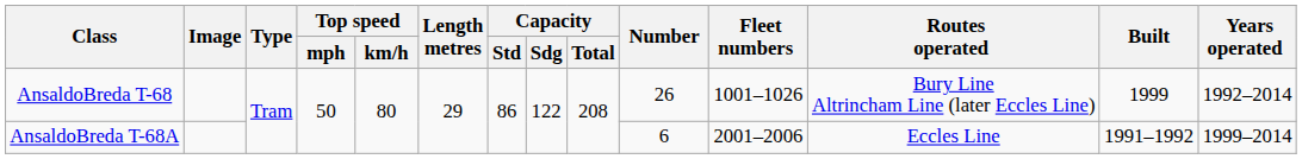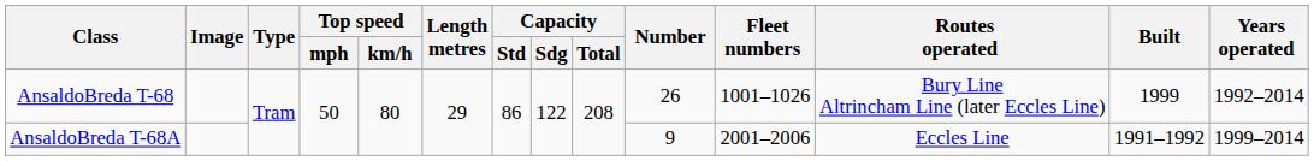 <table class="wikitable" style="text-align:center;">
 <tr ---- bgcolor=#f9f9f9>
 <th rowspan="2"> Class </th>
 <th rowspan="2">Image</th>
 <th rowspan="2">Type</th>
 <th colspan="2"> Top speed </th>
 <th rowspan="2">Length<br>metres</th>
 <th colspan="3"> Capacity </th>
 <th rowspan="2"> Number </th>
 <th rowspan="2"> Fleet<br>numbers </th>
 <th rowspan="2"> Routes<br>operated </th>
 <th rowspan="2"> Built </th>
 <th rowspan="2"> Years<br>operated </th>
 </tr>
 <tr ---- bgcolor=#f9f9f9>
 <th> mph </th>
 <th> km/h </th>
 <th><abbr>Std</abbr></th>
 <th><abbr>Sdg</abbr></th>
 <th>Total</th>
 </tr>
 <tr>
 <td><a href='#'>AnsaldoBreda T-68</a></td>
 <td></td>
 <td rowspan="2"><a href='#'>Tram</a></td>
 <td rowspan="2">50</td>
 <td rowspan="2">80</td>
 <td rowspan="2">29</td>
 <td rowspan="2">86</td>
 <td rowspan="2">122</td>
 <td rowspan="2">208</td>
 <td>26</td>
 <td>1001–1026</td>
 <td><a href='#'>Bury Line</a><br><a href='#'>Altrincham Line</a> (later <a href='#'>Eccles Line</a>)</td>
 <td>1999</td>
 <td>1992–2014</td>
 </tr>
 <tr>
 <td><a href='#'>AnsaldoBreda T-68A</a></td>
 <td></td>
-<td>6</td>
+<td>9</td>
 <td>2001–2006</td>
 <td><a href='#'>Eccles Line</a></td>
 <td>1991–1992</td>
 <td>1999–2014</td>
 </tr>
 </table>
